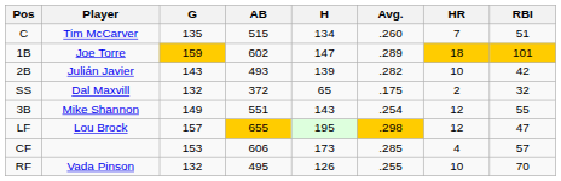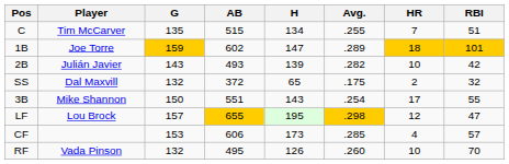 <table class="wikitable sortable">
 <tr>
 <th bgcolor="#DDDDFF" width="5%">Pos</th>
 <th bgcolor="#DDDDFF" width="16%">Player</th>
 <th bgcolor="#DDDDFF" width="9%">G</th>
 <th bgcolor="#DDDDFF" width="9%">AB</th>
 <th bgcolor="#DDDDFF" width="9%">H</th>
 <th bgcolor="#DDDDFF" width="9%">Avg.</th>
 <th bgcolor="#DDDDFF" width="9%">HR</th>
 <th bgcolor="#DDDDFF" width="9%">RBI</th>
 </tr>
 <tr align="center">
 <td>C</td>
 <td><a href='#'>Tim McCarver</a></td>
 <td>135</td>
 <td>515</td>
 <td>134</td>
-<td>.260</td>
+<td>.255</td>
 <td>7</td>
 <td>51</td>
 </tr>
 <tr align="center">
 <td>1B</td>
 <td><a href='#'>Joe Torre</a></td>
 <td style="background:#fc0;">159</td>
 <td>602</td>
 <td>147</td>
 <td>.289</td>
 <td style="background:#fc0;">18</td>
 <td style="background:#fc0;">101</td>
 </tr>
 <tr align="center">
 <td>2B</td>
 <td><a href='#'>Julián Javier</a></td>
 <td>143</td>
 <td>493</td>
 <td>139</td>
 <td>.282</td>
 <td>10</td>
 <td>42</td>
 </tr>
 <tr align="center">
 <td>SS</td>
 <td><a href='#'>Dal Maxvill</a></td>
 <td>132</td>
 <td>372</td>
 <td>65</td>
 <td>.175</td>
 <td>2</td>
 <td>32</td>
 </tr>
 <tr align="center">
 <td>3B</td>
 <td><a href='#'>Mike Shannon</a></td>
-<td>149</td>
+<td>150</td>
 <td>551</td>
 <td>143</td>
 <td>.254</td>
-<td>12</td>
+<td>17</td>
 <td>55</td>
 </tr>
 <tr align="center">
 <td>LF</td>
 <td><a href='#'>Lou Brock</a></td>
 <td>157</td>
 <td style="background:#fc0;">655</td>
 <td style="background:#DDFFDD;">195</td>
 <td style="background:#fc0;">.298</td>
 <td>12</td>
 <td>47</td>
 </tr>
 <tr align="center">
 <td>CF</td>
 <td></td>
 <td>153</td>
 <td>606</td>
 <td>173</td>
 <td>.285</td>
 <td>4</td>
 <td>57</td>
 </tr>
 <tr align="center">
 <td>RF</td>
 <td><a href='#'>Vada Pinson</a></td>
 <td>132</td>
 <td>495</td>
 <td>126</td>
-<td>.255</td>
+<td>.260</td>
 <td>10</td>
 <td>70</td>
 </tr>
 </table>
